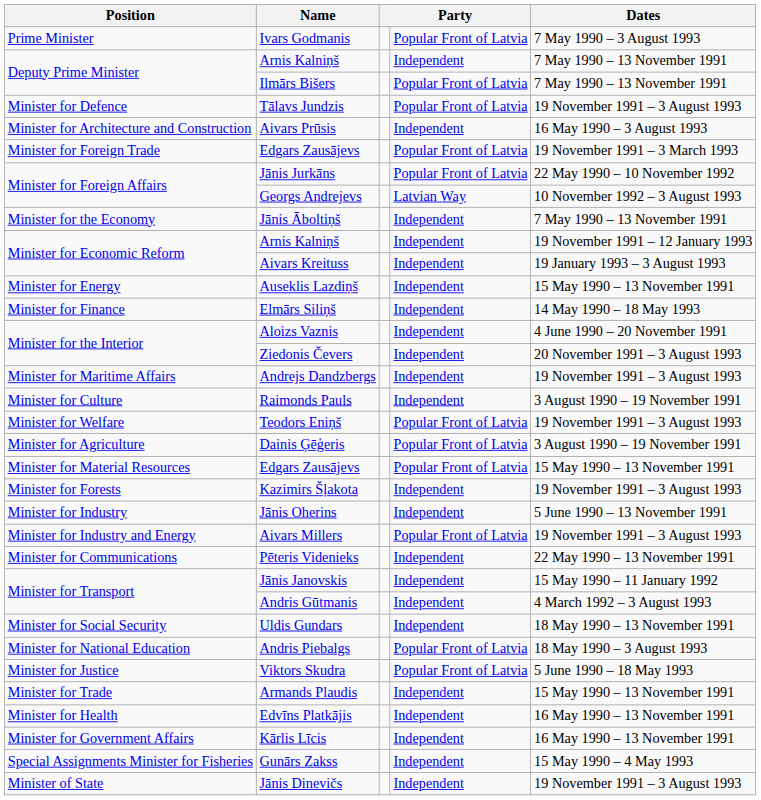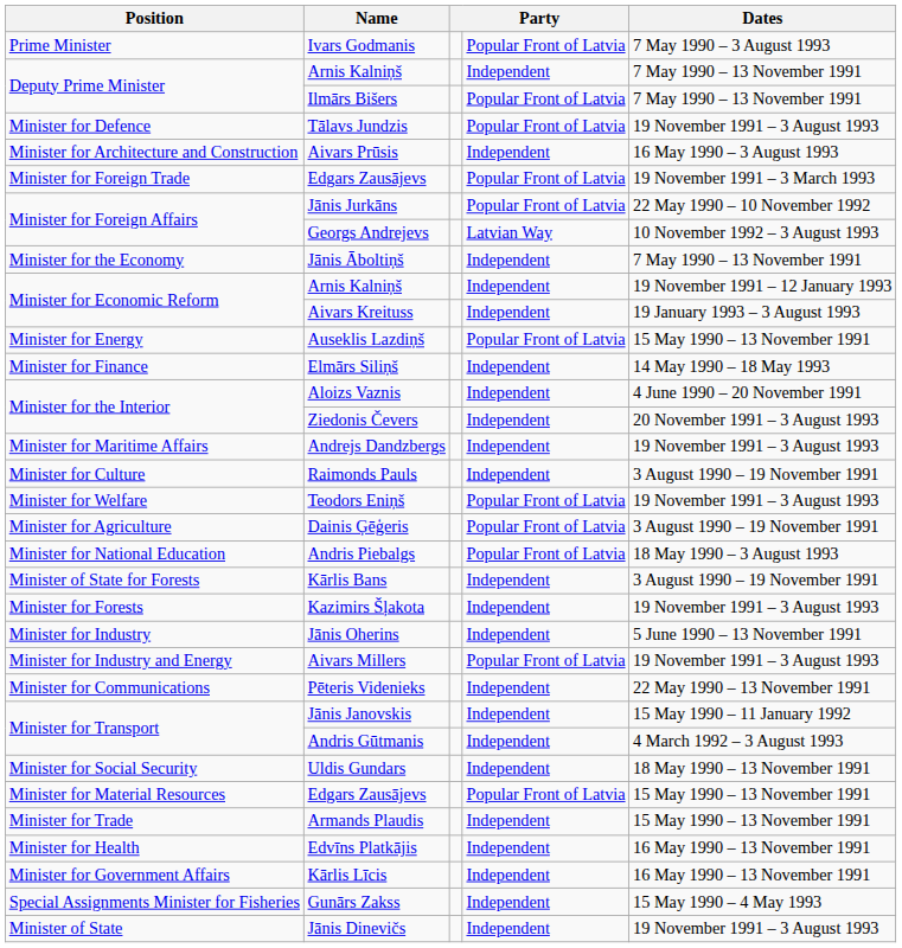 <table class="wikitable">
 <tr>
 <th>Position</th>
 <th>Name</th>
 <th colspan=2>Party</th>
 <th>Dates</th>
 </tr>
 <tr>
 <td><a href='#'>Prime Minister</a></td>
 <td><a href='#'>Ivars Godmanis</a></td>
 <td width=5px style="background-color: "></td>
 <td><a href='#'>Popular Front of Latvia</a></td>
 <td>7 May 1990 – 3 August 1993</td>
 </tr>
 <tr>
 <td rowspan="2"><a href='#'>Deputy Prime Minister</a></td>
 <td><a href='#'>Arnis Kalniņš</a></td>
 <td style="background-color: "></td>
 <td><a href='#'>Independent</a></td>
 <td>7 May 1990 – 13 November 1991</td>
 </tr>
 <tr>
 <td><a href='#'>Ilmārs Bišers</a></td>
 <td style="background-color: "></td>
 <td><a href='#'>Popular Front of Latvia</a></td>
 <td>7 May 1990 – 13 November 1991</td>
 </tr>
 <tr>
 <td><a href='#'>Minister for Defence</a></td>
 <td><a href='#'>Tālavs Jundzis</a></td>
 <td style="background-color: "></td>
 <td><a href='#'>Popular Front of Latvia</a></td>
 <td>19 November 1991 – 3 August 1993</td>
 </tr>
 <tr>
 <td><a href='#'>Minister for Architecture and Construction</a></td>
 <td><a href='#'>Aivars Prūsis</a></td>
 <td style="background-color: "></td>
 <td><a href='#'>Independent</a></td>
 <td>16 May 1990 – 3 August 1993</td>
 </tr>
 <tr>
 <td><a href='#'>Minister for Foreign Trade</a></td>
 <td><a href='#'>Edgars Zausājevs</a></td>
 <td style="background-color: "></td>
 <td><a href='#'>Popular Front of Latvia</a></td>
 <td>19 November 1991 – 3 March 1993</td>
 </tr>
 <tr>
 <td rowspan="2"><a href='#'>Minister for Foreign Affairs</a></td>
 <td><a href='#'>Jānis Jurkāns</a></td>
 <td style="background-color: "></td>
 <td><a href='#'>Popular Front of Latvia</a></td>
 <td>22 May 1990 – 10 November 1992</td>
 </tr>
 <tr>
 <td><a href='#'>Georgs Andrejevs</a></td>
 <td style="background-color: "></td>
 <td><a href='#'>Latvian Way</a></td>
 <td>10 November 1992 – 3 August 1993</td>
 </tr>
 <tr>
 <td><a href='#'>Minister for the Economy</a></td>
 <td><a href='#'>Jānis Āboltiņš</a></td>
 <td style="background-color: "></td>
 <td><a href='#'>Independent</a></td>
 <td>7 May 1990 – 13 November 1991</td>
 </tr>
 <tr>
 <td rowspan="2"><a href='#'>Minister for Economic Reform</a></td>
 <td><a href='#'>Arnis Kalniņš</a></td>
 <td style="background-color: "></td>
 <td><a href='#'>Independent</a></td>
 <td>19 November 1991 – 12 January 1993</td>
 </tr>
 <tr>
 <td><a href='#'>Aivars Kreituss</a></td>
 <td style="background-color: "></td>
 <td><a href='#'>Independent</a></td>
 <td>19 January 1993 – 3 August 1993</td>
 </tr>
 <tr>
 <td><a href='#'>Minister for Energy</a></td>
 <td><a href='#'>Auseklis Lazdiņš</a></td>
 <td style="background-color: "></td>
-<td><a href='#'>Independent</a></td>
+<td><a href='#'>Popular Front of Latvia</a></td>
 <td>15 May 1990 – 13 November 1991</td>
 </tr>
 <tr>
 <td><a href='#'>Minister for Finance</a></td>
 <td><a href='#'>Elmārs Siliņš</a></td>
 <td style="background-color: "></td>
 <td><a href='#'>Independent</a></td>
 <td>14 May 1990 – 18 May 1993</td>
 </tr>
 <tr>
 <td rowspan="2"><a href='#'>Minister for the Interior</a></td>
 <td><a href='#'>Aloizs Vaznis</a></td>
 <td style="background-color: "></td>
 <td><a href='#'>Independent</a></td>
 <td>4 June 1990 – 20 November 1991</td>
 </tr>
 <tr>
 <td><a href='#'>Ziedonis Čevers</a></td>
 <td style="background-color: "></td>
 <td><a href='#'>Independent</a></td>
 <td>20 November 1991 – 3 August 1993</td>
 </tr>
 <tr>
 <td><a href='#'>Minister for Maritime Affairs</a></td>
 <td><a href='#'>Andrejs Dandzbergs</a></td>
 <td style="background-color: "></td>
 <td><a href='#'>Independent</a></td>
 <td>19 November 1991 – 3 August 1993</td>
 </tr>
 <tr>
 <td><a href='#'>Minister for Culture</a></td>
 <td><a href='#'>Raimonds Pauls</a></td>
 <td style="background-color: "></td>
 <td><a href='#'>Independent</a></td>
 <td>3 August 1990 – 19 November 1991</td>
 </tr>
 <tr>
 <td><a href='#'>Minister for Welfare</a></td>
 <td><a href='#'>Teodors Eniņš</a></td>
 <td style="background-color: "></td>
 <td><a href='#'>Popular Front of Latvia</a></td>
 <td>19 November 1991 – 3 August 1993</td>
 </tr>
 <tr>
 <td><a href='#'>Minister for Agriculture</a></td>
 <td><a href='#'>Dainis Ģēģeris</a></td>
 <td style="background-color: "></td>
 <td><a href='#'>Popular Front of Latvia</a></td>
 <td>3 August 1990 – 19 November 1991</td>
 </tr>
 <tr>
-<td><a href='#'>Minister for Material Resources</a></td>
-<td><a href='#'>Edgars Zausājevs</a></td>
+<td><a href='#'>Minister for National Education</a></td>
+<td><a href='#'>Andris Piebalgs</a></td>
 <td style="background-color: "></td>
 <td><a href='#'>Popular Front of Latvia</a></td>
-<td>15 May 1990 – 13 November 1991</td>
+<td>18 May 1990 – 3 August 1993</td>
+</tr>
+<tr>
+<td><a href='#'>Minister of State for Forests</a></td>
+<td><a href='#'>Kārlis Bans</a></td>
+<td style="background-color: "></td>
+<td><a href='#'>Independent</a></td>
+<td>3 August 1990 – 19 November 1991</td>
 </tr>
 <tr>
 <td><a href='#'>Minister for Forests</a></td>
 <td><a href='#'>Kazimirs Šļakota</a></td>
 <td style="background-color: "></td>
 <td><a href='#'>Independent</a></td>
 <td>19 November 1991 – 3 August 1993</td>
 </tr>
 <tr>
 <td><a href='#'>Minister for Industry</a></td>
 <td><a href='#'>Jānis Oherins</a></td>
 <td style="background-color: "></td>
 <td><a href='#'>Independent</a></td>
 <td>5 June 1990 – 13 November 1991</td>
 </tr>
 <tr>
 <td><a href='#'>Minister for Industry and Energy</a></td>
 <td><a href='#'>Aivars Millers</a></td>
 <td style="background-color: "></td>
 <td><a href='#'>Popular Front of Latvia</a></td>
 <td>19 November 1991 – 3 August 1993</td>
 </tr>
 <tr>
 <td><a href='#'>Minister for Communications</a></td>
 <td><a href='#'>Pēteris Videnieks</a></td>
 <td style="background-color: "></td>
 <td><a href='#'>Independent</a></td>
 <td>22 May 1990 – 13 November 1991</td>
 </tr>
 <tr>
 <td rowspan="2"><a href='#'>Minister for Transport</a></td>
 <td><a href='#'>Jānis Janovskis</a></td>
 <td style="background-color: "></td>
 <td><a href='#'>Independent</a></td>
 <td>15 May 1990 – 11 January 1992</td>
 </tr>
 <tr>
 <td><a href='#'>Andris Gūtmanis</a></td>
 <td style="background-color: "></td>
 <td><a href='#'>Independent</a></td>
 <td>4 March 1992 – 3 August 1993</td>
 </tr>
 <tr>
 <td><a href='#'>Minister for Social Security</a></td>
 <td><a href='#'>Uldis Gundars</a></td>
 <td style="background-color: "></td>
 <td><a href='#'>Independent</a></td>
 <td>18 May 1990 – 13 November 1991</td>
 </tr>
 <tr>
-<td><a href='#'>Minister for National Education</a></td>
-<td><a href='#'>Andris Piebalgs</a></td>
+<td><a href='#'>Minister for Material Resources</a></td>
+<td><a href='#'>Edgars Zausājevs</a></td>
 <td style="background-color: "></td>
 <td><a href='#'>Popular Front of Latvia</a></td>
-<td>18 May 1990 – 3 August 1993</td>
-</tr>
-<tr>
-<td><a href='#'>Minister for Justice</a></td>
-<td><a href='#'>Viktors Skudra</a></td>
-<td style="background-color: "></td>
-<td><a href='#'>Popular Front of Latvia</a></td>
-<td>5 June 1990 – 18 May 1993</td>
+<td>15 May 1990 – 13 November 1991</td>
 </tr>
 <tr>
 <td><a href='#'>Minister for Trade</a></td>
 <td><a href='#'>Armands Plaudis</a></td>
 <td style="background-color: "></td>
 <td><a href='#'>Independent</a></td>
 <td>15 May 1990 – 13 November 1991</td>
 </tr>
 <tr>
 <td><a href='#'>Minister for Health</a></td>
 <td><a href='#'>Edvīns Platkājis</a></td>
 <td style="background-color: "></td>
 <td><a href='#'>Independent</a></td>
 <td>16 May 1990 – 13 November 1991</td>
 </tr>
 <tr>
 <td><a href='#'>Minister for Government Affairs</a></td>
 <td><a href='#'>Kārlis Līcis</a></td>
 <td style="background-color: "></td>
 <td><a href='#'>Independent</a></td>
 <td>16 May 1990 – 13 November 1991</td>
 </tr>
 <tr>
 <td><a href='#'>Special Assignments Minister for Fisheries</a></td>
 <td><a href='#'>Gunārs Zakss</a></td>
 <td style="background-color: "></td>
 <td><a href='#'>Independent</a></td>
 <td>15 May 1990 – 4 May 1993</td>
 </tr>
 <tr>
 <td><a href='#'>Minister of State</a></td>
 <td><a href='#'>Jānis Dinevičs</a></td>
 <td style="background-color: "></td>
 <td><a href='#'>Independent</a></td>
 <td>19 November 1991 – 3 August 1993</td>
 </tr>
 </table>
